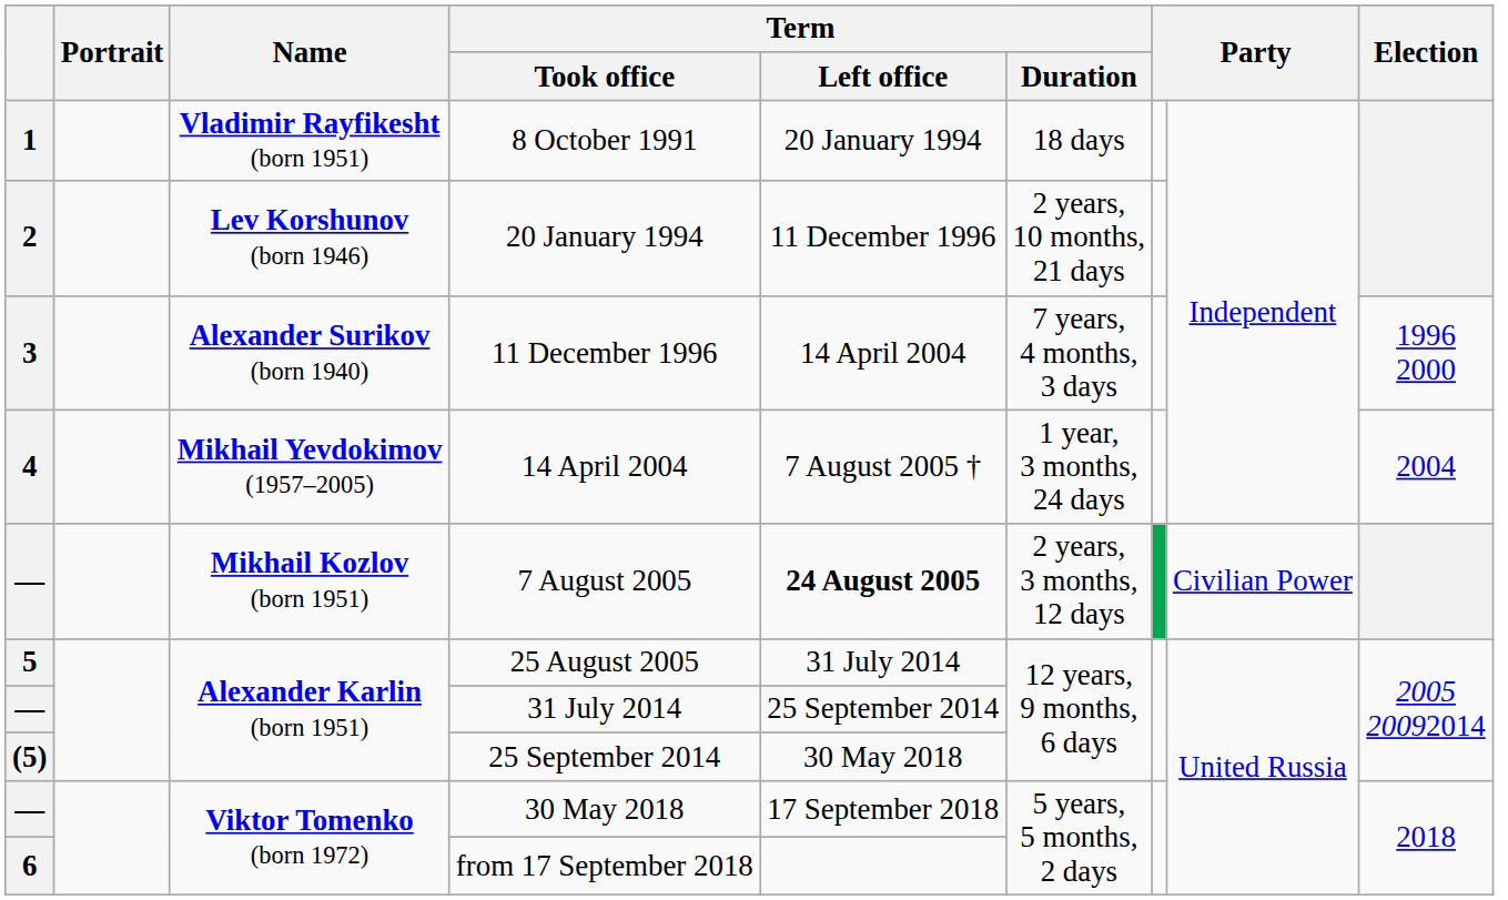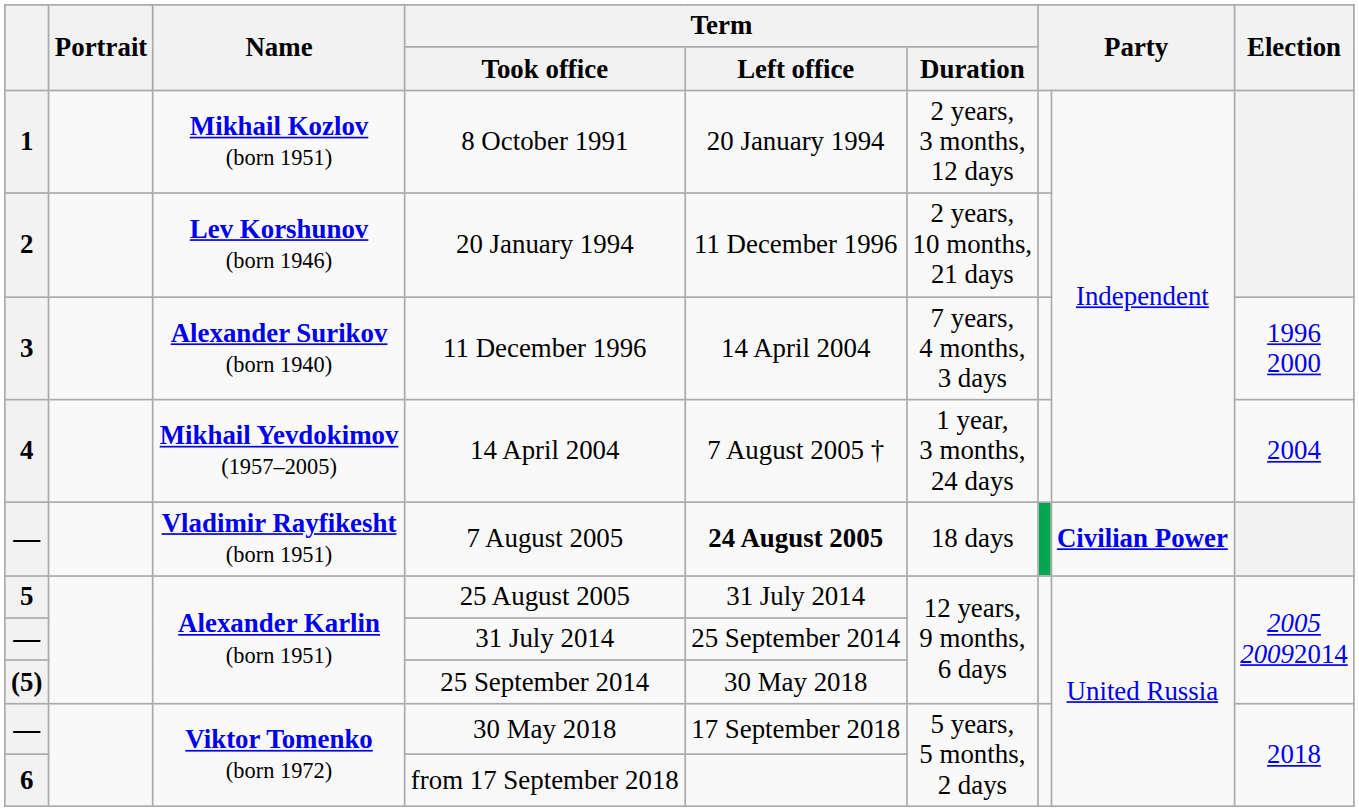 <table class="wikitable" style="text-align:center">
 <tr style="background:#cccccc" bgcolor=#E6E6AA>
 <th rowspan="2"></th>
 <th rowspan="2">Portrait</th>
 <th rowspan="2">Name<br></th>
 <th colspan="3">Term</th>
 <th colspan="2" rowspan="2">Party</th>
 <th rowspan="2">Election</th>
 </tr>
 <tr>
 <th>Took office</th>
 <th>Left office</th>
 <th>Duration</th>
 </tr>
 <tr>
 <th>1</th>
 <td></td>
-<td><strong><a href='#'>Vladimir Rayfikesht</a></strong><br><small>(born 1951)</small></td>
+<td><strong><a href='#'>Mikhail Kozlov</a></strong><br><small>(born 1951)</small></td>
 <td>8 October 1991</td>
 <td>20 January 1994</td>
-<td>18 days</td>
+<td>2 years,<br>3 months,<br>12 days</td>
 <td style="background: "></td>
 <td rowspan="4"><a href='#'>Independent</a></td>
 <th rowspan="2"></th>
 </tr>
 <tr>
 <th>2</th>
 <td></td>
 <td><strong><a href='#'>Lev Korshunov</a></strong><br><small>(born 1946)</small></td>
 <td>20 January 1994</td>
 <td>11 December 1996</td>
 <td>2 years,<br>10 months,<br>21 days</td>
 <td style="background: "></td>
 </tr>
 <tr>
 <th>3</th>
 <td></td>
 <td><strong><a href='#'>Alexander Surikov</a></strong><br><small>(born 1940)</small></td>
 <td>11 December 1996</td>
 <td>14 April 2004</td>
 <td>7 years,<br>4 months,<br>3 days</td>
 <td style="background: "></td>
 <td><a href='#'>1996</a><br><a href='#'>2000</a></td>
 </tr>
 <tr>
 <th>4</th>
 <td></td>
 <td><strong><a href='#'>Mikhail Yevdokimov</a></strong><br><small>(1957–2005)</small></td>
 <td>14 April 2004</td>
 <td>7 August 2005 †</td>
 <td>1 year,<br>3 months,<br>24 days</td>
 <td style="background: "></td>
 <td><a href='#'>2004</a></td>
 </tr>
 <tr>
 <th>—</th>
 <td></td>
-<td><strong><a href='#'>Mikhail Kozlov</a></strong><br><small>(born 1951)</small></td>
+<td><strong><a href='#'>Vladimir Rayfikesht</a></strong><br><small>(born 1951)</small></td>
 <td>7 August 2005</td>
 <td><strong>24 August 2005</strong></td>
-<td>2 years,<br>3 months,<br>12 days</td>
+<td>18 days</td>
 <td style="background:#00A650;"></td>
-<td><a href='#'>Civilian Power</a></td>
+<td><strong><a href='#'>Civilian Power</a></strong></td>
 <th></th>
 </tr>
 <tr>
 <th>5</th>
 <td rowspan="3"></td>
 <td rowspan="3"><strong><a href='#'>Alexander Karlin</a></strong><br><small>(born 1951)</small></td>
 <td>25 August 2005</td>
 <td>31 July 2014</td>
 <td rowspan="3">12 years,<br>9 months,<br>6 days</td>
 <td rowspan="3;" style="background: "></td>
 <td rowspan="5"><a href='#'>United Russia</a></td>
 <td rowspan="3"><em><a href='#'>2005</a></em><br><em><a href='#'>2009</a></em><a href='#'>2014</a></td>
 </tr>
 <tr>
 <th>—</th>
 <td>31 July 2014</td>
 <td>25 September 2014</td>
 </tr>
 <tr>
 <th>(5)</th>
 <td>25 September 2014</td>
 <td>30 May 2018</td>
 </tr>
 <tr>
 <th>—</th>
 <td rowspan="2"></td>
 <td rowspan="2"><strong><a href='#'>Viktor Tomenko</a></strong><br><small>(born 1972)</small></td>
 <td>30 May 2018</td>
 <td>17 September 2018</td>
 <td rowspan="2">5 years,<br>5 months,<br>2 days</td>
 <td rowspan="2;" style="background: "></td>
 <td rowspan="2"><a href='#'>2018</a></td>
 </tr>
 <tr>
 <th>6</th>
 <td>from 17 September 2018</td>
 <td></td>
 </tr>
 </table>
